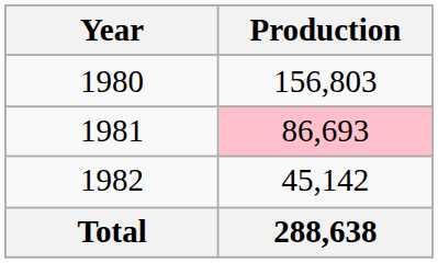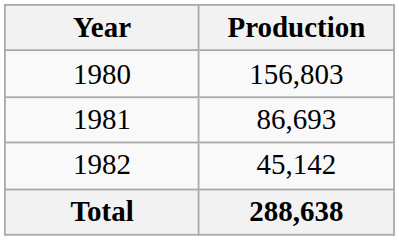 <table class="wikitable sortable">
 <tr>
 <th width="100pt" align="center">Year</th>
 <th width="100pt" align="center">Production</th>
 </tr>
 <tr>
 <td align="center">1980</td>
 <td align="center">156,803</td>
 </tr>
 <tr>
 <td align="center">1981</td>
-<td align="center" style="background: pink;">86,693</td>
+<td align="center">86,693</td>
 </tr>
 <tr>
 <td align="center">1982</td>
 <td align="center">45,142</td>
 </tr>
 <tr>
 <th align="center">Total</th>
 <th align="center">288,638</th>
 </tr>
 </table>
